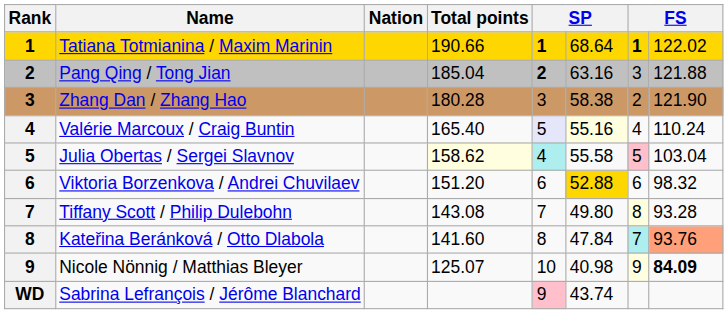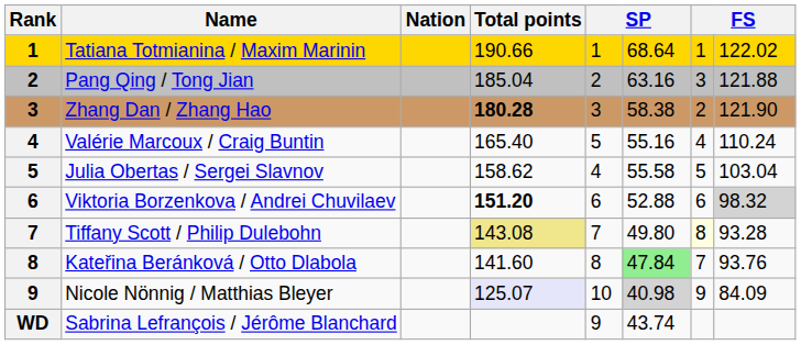 <table class="wikitable">
 <tr>
 <th>Rank</th>
 <th>Name</th>
 <th>Nation</th>
 <th>Total points</th>
 <th colspan="2" width="80px"><a href='#'>SP</a></th>
 <th colspan="2" width="80px"><a href='#'>FS</a></th>
 </tr>
 <tr bgcolor="gold">
 <td align="center"><strong>1</strong></td>
 <td><a href='#'>Tatiana Totmianina</a> / <a href='#'>Maxim Marinin</a></td>
 <td></td>
 <td>190.66</td>
-<td><strong>1</strong></td>
+<td>1</td>
 <td>68.64</td>
-<td><strong>1</strong></td>
+<td>1</td>
 <td>122.02</td>
 </tr>
 <tr bgcolor="silver">
 <td align="center"><strong>2</strong></td>
 <td><a href='#'>Pang Qing</a> / <a href='#'>Tong Jian</a></td>
 <td></td>
 <td>185.04</td>
-<td><strong>2</strong></td>
+<td>2</td>
 <td>63.16</td>
 <td>3</td>
 <td>121.88</td>
 </tr>
 <tr bgcolor="cc9966">
 <td align="center"><strong>3</strong></td>
 <td><a href='#'>Zhang Dan</a> / <a href='#'>Zhang Hao</a></td>
 <td></td>
-<td>180.28</td>
+<td><strong>180.28</strong></td>
 <td>3</td>
 <td>58.38</td>
 <td>2</td>
 <td>121.90</td>
 </tr>
 <tr>
 <th>4</th>
 <td><a href='#'>Valérie Marcoux</a> / <a href='#'>Craig Buntin</a></td>
 <td></td>
 <td>165.40</td>
-<td style="background: lavender;">5</td>
-<td style="background: lightyellow;">55.16</td>
+<td>5</td>
+<td>55.16</td>
 <td>4</td>
 <td>110.24</td>
 </tr>
 <tr>
 <th>5</th>
 <td><a href='#'>Julia Obertas</a> / <a href='#'>Sergei Slavnov</a></td>
 <td></td>
-<td style="background: lightyellow;">158.62</td>
-<td style="background: paleturquoise;">4</td>
+<td>158.62</td>
+<td>4</td>
 <td>55.58</td>
-<td style="background: pink;">5</td>
+<td>5</td>
 <td>103.04</td>
 </tr>
 <tr>
 <th>6</th>
 <td><a href='#'>Viktoria Borzenkova</a> / <a href='#'>Andrei Chuvilaev</a></td>
 <td></td>
-<td>151.20</td>
+<td><strong>151.20</strong></td>
 <td>6</td>
-<td style="background: gold;">52.88</td>
+<td>52.88</td>
 <td>6</td>
-<td>98.32</td>
+<td style="background: lightgrey;">98.32</td>
 </tr>
 <tr>
 <th>7</th>
 <td><a href='#'>Tiffany Scott</a> / <a href='#'>Philip Dulebohn</a></td>
 <td></td>
-<td>143.08</td>
+<td style="background: khaki;">143.08</td>
 <td>7</td>
 <td>49.80</td>
 <td style="background: lightyellow;">8</td>
 <td>93.28</td>
 </tr>
 <tr>
 <th>8</th>
 <td><a href='#'>Kateřina Beránková</a> / <a href='#'>Otto Dlabola</a></td>
 <td></td>
 <td>141.60</td>
 <td>8</td>
-<td>47.84</td>
-<td style="background: paleturquoise;">7</td>
-<td style="background: lightsalmon;">93.76</td>
+<td style="background: lightgreen;">47.84</td>
+<td>7</td>
+<td>93.76</td>
 </tr>
 <tr>
 <th>9</th>
 <td>Nicole Nönnig / Matthias Bleyer</td>
 <td></td>
-<td>125.07</td>
+<td style="background: lavender;">125.07</td>
 <td>10</td>
-<td>40.98</td>
-<td style="background: lightyellow;">9</td>
-<td><strong>84.09</strong></td>
+<td style="background: lightgrey;">40.98</td>
+<td>9</td>
+<td>84.09</td>
 </tr>
 <tr>
 <th>WD</th>
 <td><a href='#'>Sabrina Lefrançois</a> / <a href='#'>Jérôme Blanchard</a></td>
 <td></td>
 <td></td>
-<td style="background: pink;">9</td>
+<td>9</td>
 <td>43.74</td>
 <td></td>
 <td></td>
 </tr>
 </table>
